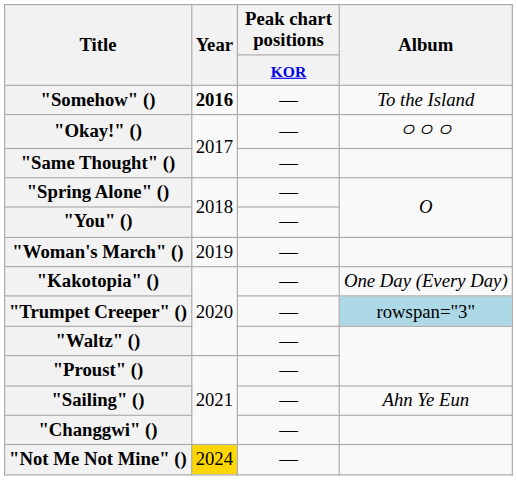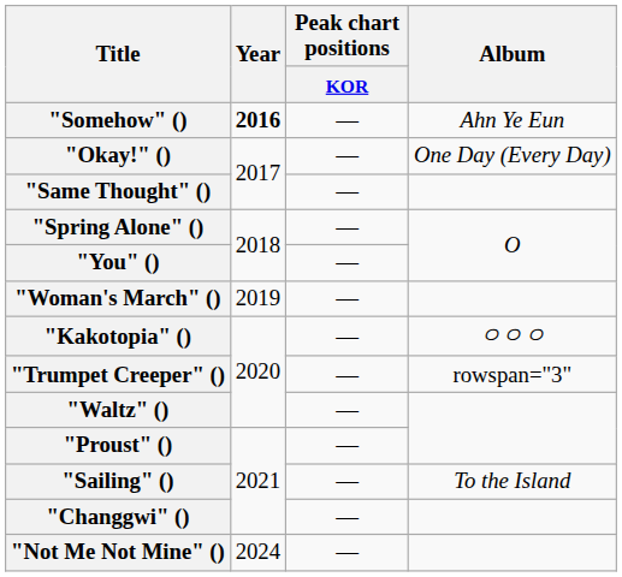 <table class="wikitable plainrowheaders" style="text-align:center;">
 <tr>
 <th scope="col" rowspan="2">Title</th>
 <th scope="col" rowspan="2">Year</th>
 <th scope="col" colspan="1" style="width:5em;">Peak chart positions</th>
 <th scope="col" rowspan="2">Album</th>
 </tr>
 <tr>
 <th><small><a href='#'>KOR</a></small></th>
 </tr>
 <tr>
 <th scope="row">"Somehow" ()</th>
 <td><strong>2016</strong></td>
 <td>—</td>
-<td><em>To the Island</em></td>
+<td><em>Ahn Ye Eun</em></td>
 </tr>
 <tr>
 <th scope="row">"Okay!" ()</th>
 <td rowspan="2">2017</td>
 <td>—</td>
-<td><em>ㅇㅇㅇ</em></td>
+<td><em>One Day (Every Day)</em></td>
 </tr>
 <tr>
 <th scope="row">"Same Thought" ()</th>
 <td>—</td>
 <td></td>
 </tr>
 <tr>
 <th scope="row">"Spring Alone" ()</th>
 <td rowspan="2">2018</td>
 <td>—</td>
 <td rowspan="2"><em>O</em></td>
 </tr>
 <tr>
 <th scope="row">"You" ()</th>
 <td>—</td>
 </tr>
 <tr>
 <th scope="row">"Woman's March" ()</th>
 <td>2019</td>
 <td>—</td>
 <td></td>
 </tr>
 <tr>
 <th scope="row">"Kakotopia" ()</th>
 <td rowspan="3">2020</td>
 <td>—</td>
-<td><em>One Day (Every Day)</em></td>
+<td><em>ㅇㅇㅇ</em></td>
 </tr>
 <tr>
 <th scope="row">"Trumpet Creeper" ()</th>
 <td>—</td>
-<td style="background: lightblue;">rowspan="3" </td>
+<td>rowspan="3" </td>
 </tr>
 <tr>
 <th scope="row">"Waltz" ()</th>
 <td>—</td>
 </tr>
 <tr>
 <th scope="row">"Proust" ()</th>
 <td rowspan="3">2021</td>
 <td>—</td>
 </tr>
 <tr>
 <th scope="row">"Sailing" ()</th>
 <td>—</td>
-<td><em>Ahn Ye Eun</em></td>
+<td><em>To the Island</em></td>
 </tr>
 <tr>
 <th scope="row">"Changgwi" ()</th>
 <td>—</td>
 <td></td>
 </tr>
 <tr>
 <th scope="row">"Not Me Not Mine" ()</th>
-<td style="background: gold;">2024</td>
+<td>2024</td>
 <td>—</td>
 <td></td>
 </tr>
 </table>
